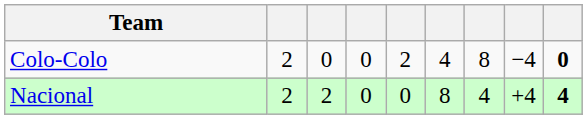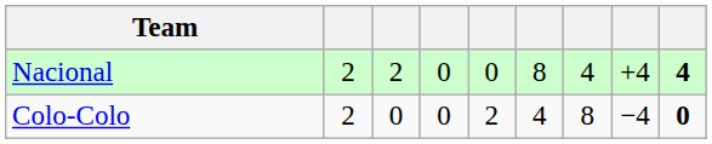 <table class="wikitable" style="text-align: center;">
 <tr>
 <th width=175>Team</th>
 <th width=20></th>
 <th width=20></th>
 <th width=20></th>
 <th width=20></th>
 <th width=20></th>
 <th width=20></th>
 <th width=20></th>
 <th width=20></th>
 </tr>
+<tr bgcolor=#CCFFCC>
+<td align=left> <a href='#'>Nacional</a></td>
+<td>2</td>
+<td>2</td>
+<td>0</td>
+<td>0</td>
+<td>8</td>
+<td>4</td>
+<td>+4</td>
+<td><strong>4</strong></td>
+</tr>
 <tr>
 <td align=left> <a href='#'>Colo-Colo</a></td>
 <td>2</td>
 <td>0</td>
 <td>0</td>
 <td>2</td>
 <td>4</td>
 <td>8</td>
 <td>−4</td>
 <td><strong>0</strong></td>
 </tr>
-<tr bgcolor=#CCFFCC>
-<td align=left> <a href='#'>Nacional</a></td>
-<td>2</td>
-<td>2</td>
-<td>0</td>
-<td>0</td>
-<td>8</td>
-<td>4</td>
-<td>+4</td>
-<td><strong>4</strong></td>
-</tr>
 </table>
